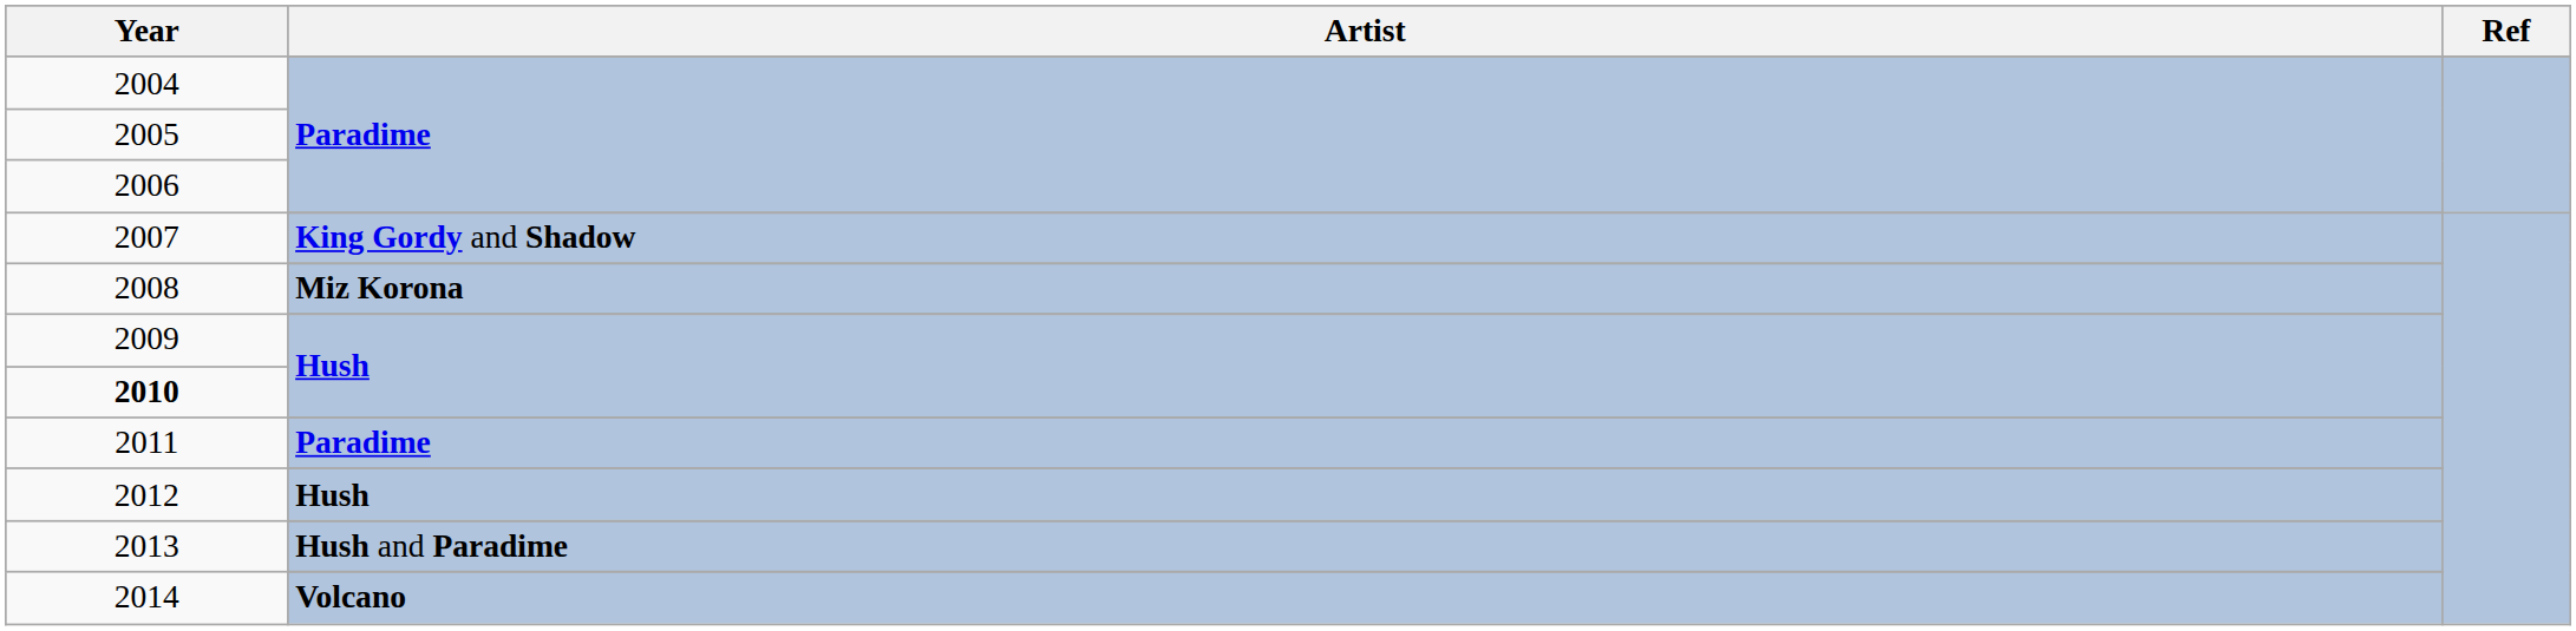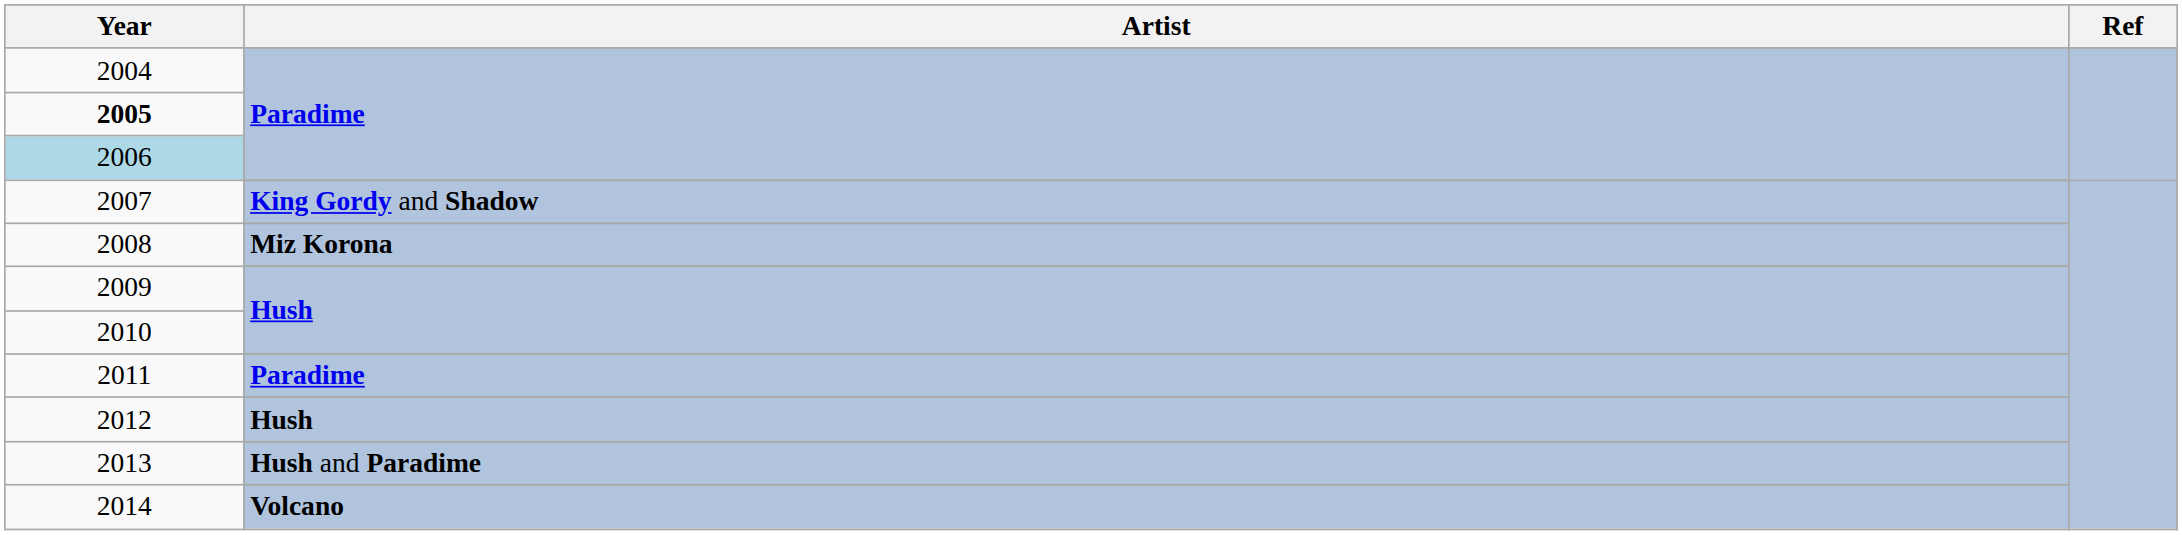 <table class="wikitable" style="width:100%;">
 <tr>
 <th style="width:11%;">Year</th>
 <th style="width:84%;">Artist</th>
 <th style="width:5%;">Ref</th>
 </tr>
 <tr>
 <td rowspan="2" align="center">2004</td>
 </tr>
 <tr style="background:#B0C4DE">
 <td rowspan="3"><strong><a href='#'>Paradime</a></strong></td>
 <td rowspan="4"></td>
 </tr>
 <tr>
-<td align="center">2005</td>
+<td align="center"><strong>2005</strong></td>
 </tr>
 <tr>
-<td align="center">2006</td>
+<td align="center" style="background: lightblue;">2006</td>
 </tr>
 <tr>
 <td rowspan="2" align="center">2007</td>
 </tr>
 <tr style="background:#B0C4DE">
 <td><strong><a href='#'>King Gordy</a></strong> and <strong>Shadow</strong></td>
 <td rowspan="14" align="center"></td>
 </tr>
 <tr>
 <td rowspan="2" align="center">2008</td>
 </tr>
 <tr style="background:#B0C4DE">
 <td><strong>Miz Korona</strong></td>
 </tr>
 <tr>
 <td rowspan="2" align="center">2009</td>
 </tr>
 <tr style="background:#B0C4DE">
 <td rowspan="2"><strong><a href='#'>Hush</a></strong></td>
 </tr>
 <tr>
-<td align="center"><strong>2010</strong></td>
+<td align="center">2010</td>
 </tr>
 <tr>
 <td rowspan="2" align="center">2011</td>
 </tr>
 <tr style="background:#B0C4DE">
 <td><strong><a href='#'>Paradime</a></strong></td>
 </tr>
 <tr>
 <td rowspan="2" align="center">2012</td>
 </tr>
 <tr style="background:#B0C4DE">
 <td><strong>Hush</strong></td>
 </tr>
 <tr>
 <td rowspan="2" align="center">2013</td>
 </tr>
 <tr style="background:#B0C4DE">
 <td><strong>Hush</strong> and <strong>Paradime</strong></td>
 </tr>
 <tr>
 <td rowspan="2" align="center">2014</td>
 </tr>
 <tr style="background:#B0C4DE">
 <td><strong>Volcano</strong></td>
 </tr>
 </table>
